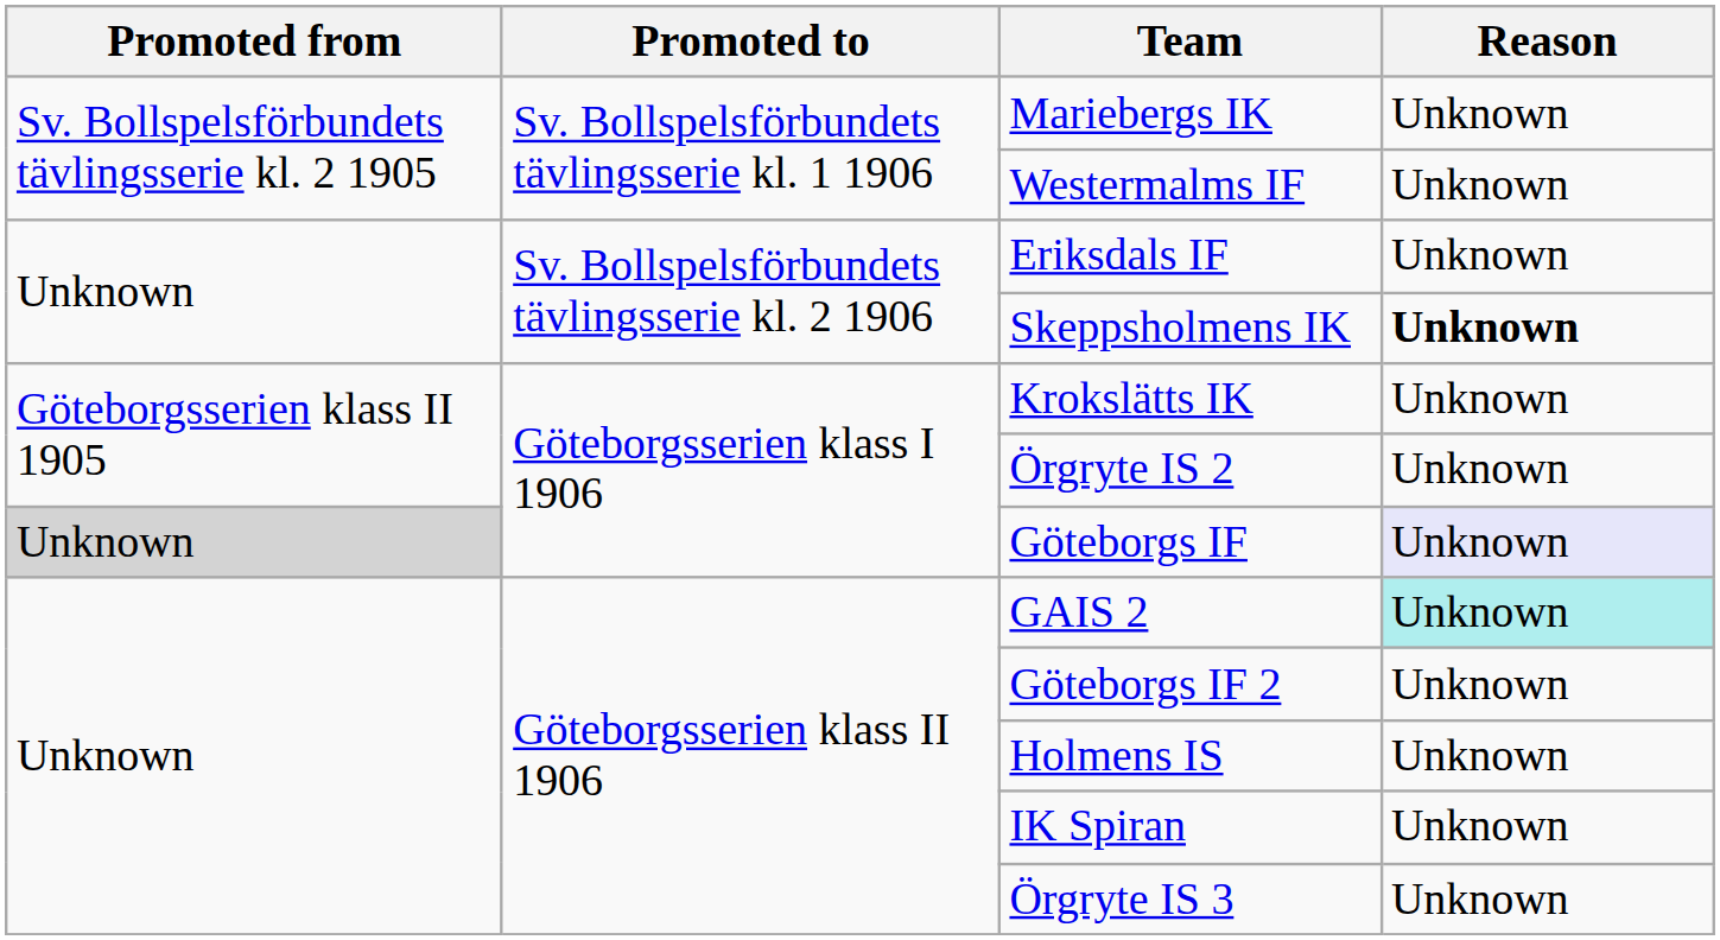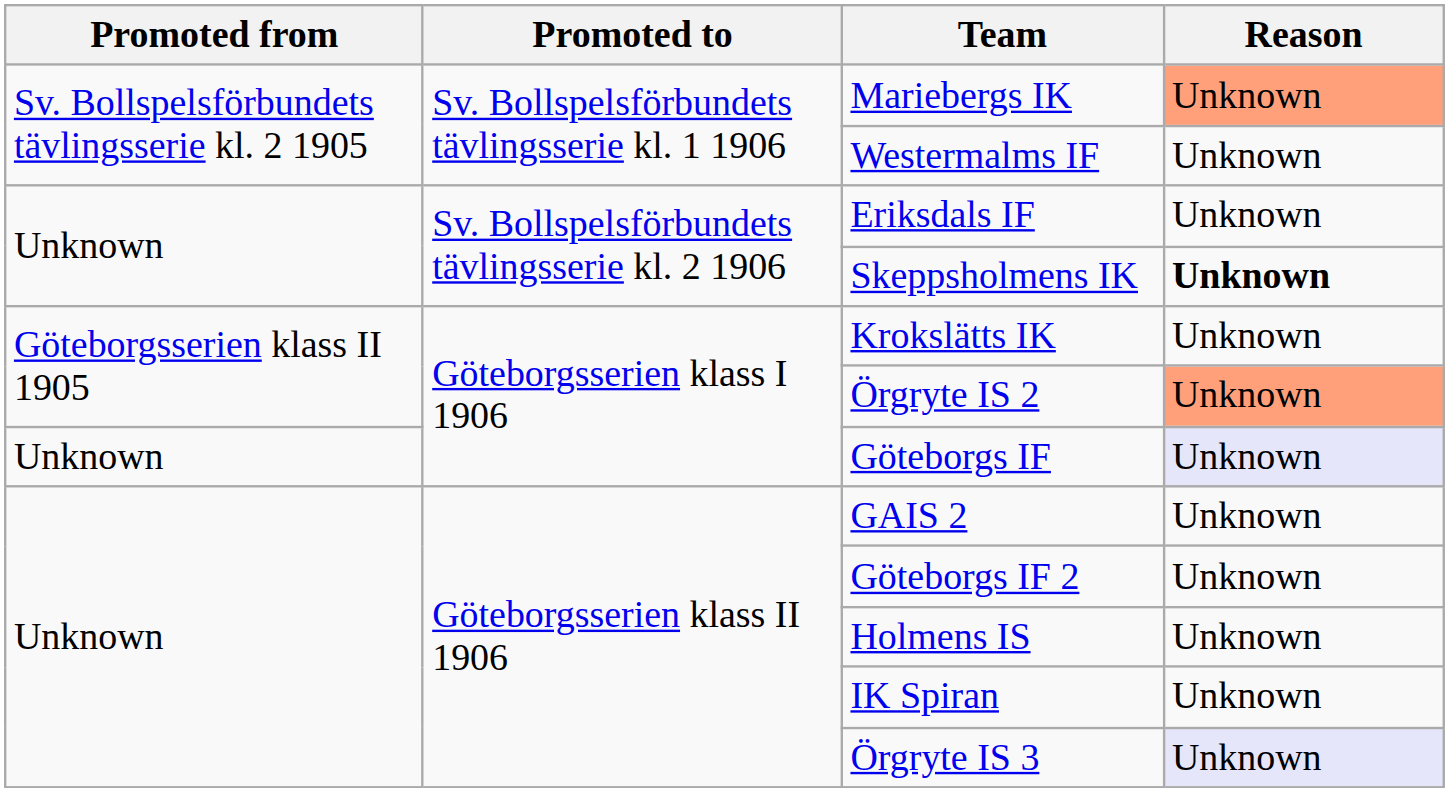 <table class="wikitable" style="text-align: left;">
 <tr>
 <th style="width: 275px;">Promoted from</th>
 <th style="width: 275px;">Promoted to</th>
 <th style="width: 200px;">Team</th>
 <th style="width: 225px;">Reason</th>
 </tr>
 <tr>
 <td rowspan=2><a href='#'>Sv. Bollspelsförbundets tävlingsserie</a> kl. 2 1905</td>
 <td rowspan=2><a href='#'>Sv. Bollspelsförbundets tävlingsserie</a> kl. 1 1906</td>
 <td><a href='#'>Mariebergs IK</a></td>
-<td>Unknown</td>
+<td style="background: lightsalmon;">Unknown</td>
 </tr>
 <tr>
 <td><a href='#'>Westermalms IF</a></td>
 <td>Unknown</td>
 </tr>
 <tr>
 <td rowspan=2>Unknown</td>
 <td rowspan=2><a href='#'>Sv. Bollspelsförbundets tävlingsserie</a> kl. 2 1906</td>
 <td><a href='#'>Eriksdals IF</a></td>
 <td>Unknown</td>
 </tr>
 <tr>
 <td><a href='#'>Skeppsholmens IK</a></td>
 <td><strong>Unknown</strong></td>
 </tr>
 <tr>
 <td rowspan=2><a href='#'>Göteborgsserien</a> klass II 1905</td>
 <td rowspan=3><a href='#'>Göteborgsserien</a> klass I 1906</td>
 <td><a href='#'>Krokslätts IK</a></td>
 <td>Unknown</td>
 </tr>
 <tr>
 <td><a href='#'>Örgryte IS 2</a></td>
-<td>Unknown</td>
+<td style="background: lightsalmon;">Unknown</td>
 </tr>
 <tr>
-<td style="background: lightgrey;">Unknown</td>
+<td>Unknown</td>
 <td><a href='#'>Göteborgs IF</a></td>
 <td style="background: lavender;">Unknown</td>
 </tr>
 <tr>
 <td rowspan=5>Unknown</td>
 <td rowspan=5><a href='#'>Göteborgsserien</a> klass II 1906</td>
 <td><a href='#'>GAIS 2</a></td>
-<td style="background: paleturquoise;">Unknown</td>
+<td>Unknown</td>
 </tr>
 <tr>
 <td><a href='#'>Göteborgs IF 2</a></td>
 <td>Unknown</td>
 </tr>
 <tr>
 <td><a href='#'>Holmens IS</a></td>
 <td>Unknown</td>
 </tr>
 <tr>
 <td><a href='#'>IK Spiran</a></td>
 <td>Unknown</td>
 </tr>
 <tr>
 <td><a href='#'>Örgryte IS 3</a></td>
-<td>Unknown</td>
+<td style="background: lavender;">Unknown</td>
 </tr>
 </table>
